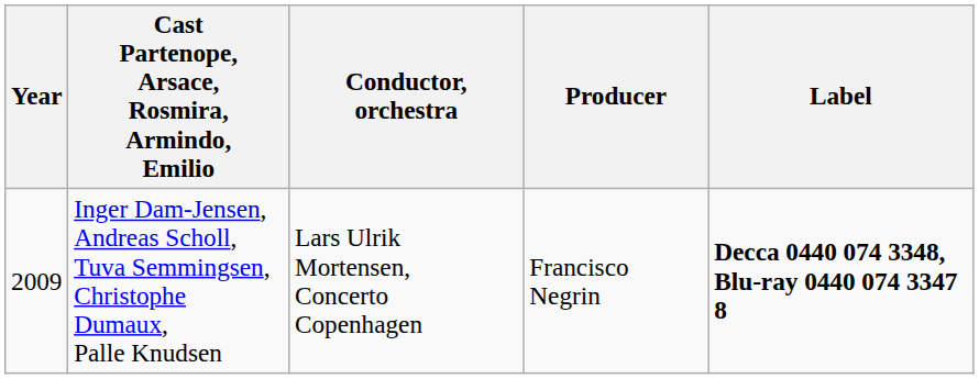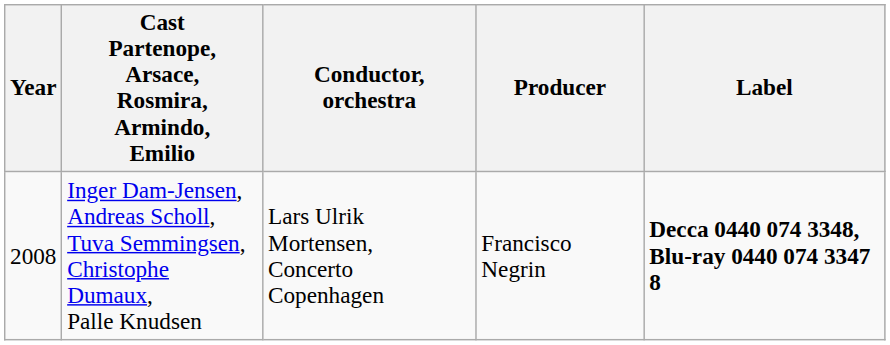 <table class="wikitable">
 <tr>
 <th>Year</th>
 <th>Cast<br>Partenope,<br>Arsace,<br>Rosmira,<br>Armindo,<br>Emilio</th>
 <th>Conductor,<br>orchestra</th>
 <th>Producer</th>
 <th>Label</th>
 </tr>
 <tr>
-<td>2009</td>
+<td>2008</td>
 <td><a href='#'>Inger Dam-Jensen</a>,<br><a href='#'>Andreas Scholl</a>,<br><a href='#'>Tuva Semmingsen</a>,<br><a href='#'>Christophe Dumaux</a>,<br>Palle Knudsen</td>
 <td>Lars Ulrik Mortensen,<br>Concerto Copenhagen</td>
 <td>Francisco Negrin</td>
 <td><strong>Decca 0440 074 3348,<br> Blu-ray 0440 074 3347 8</strong></td>
 </tr>
 </table>
